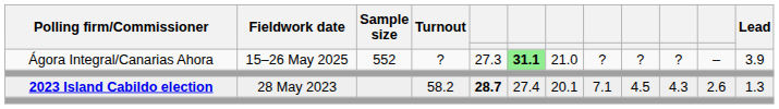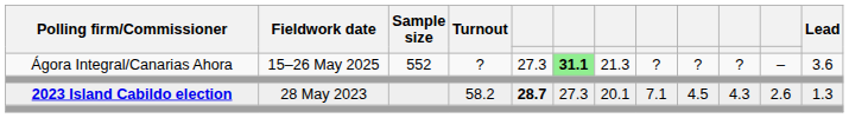 <table class="wikitable collapsible collapsed" style="text-align:center; font-size:95%; line-height:16px;">
 <tr style="height:42px;">
 <th style="width:250px;" rowspan="2">Polling firm/Commissioner</th>
 <th style="width:125px;" rowspan="2">Fieldwork date</th>
 <th style="width:50px;" rowspan="2">Sample size</th>
 <th style="width:45px;" rowspan="2">Turnout</th>
 <th style="width:35px;"></th>
 <th style="width:35px;"></th>
 <th style="width:35px;"></th>
 <th style="width:35px;"></th>
 <th style="width:35px;"></th>
 <th style="width:35px;"></th>
 <th style="width:35px;"></th>
 <th style="width:30px;" rowspan="2">Lead</th>
 </tr>
 <tr>
 <th style="color:inherit;background:"></th>
 <th style="color:inherit;background:"></th>
 <th style="color:inherit;background:"></th>
 <th style="color:inherit;background:"></th>
 <th style="color:inherit;background:"></th>
 <th style="color:inherit;background:"></th>
 <th style="color:inherit;background:"></th>
 </tr>
 <tr>
 <td>Ágora Integral/Canarias Ahora</td>
 <td>15–26 May 2025</td>
 <td>552</td>
 <td>?</td>
 <td>27.3<br></td>
 <td style="background: lightgreen;"><strong>31.1</strong><br></td>
-<td>21.0<br></td>
+<td>21.3<br></td>
 <td>?<br></td>
 <td>?<br></td>
 <td>?<br></td>
 <td>–</td>
-<td style="background:">3.9</td>
+<td style="background:">3.6</td>
 </tr>
 <tr>
 <td colspan="12" style="background:#A0A0A0"></td>
 </tr>
 <tr style="background:#EFEFEF;">
 <td><strong><a href='#'>2023 Island Cabildo election</a></strong></td>
 <td>28 May 2023</td>
 <td></td>
 <td>58.2</td>
 <td><strong>28.7</strong><br></td>
-<td>27.4<br></td>
+<td>27.3<br></td>
 <td>20.1<br></td>
 <td>7.1<br></td>
 <td>4.5<br></td>
 <td>4.3<br></td>
 <td>2.6<br></td>
 <td style="background:">1.3</td>
 </tr>
 <tr>
 <td colspan="12" style="background:#A0A0A0"></td>
 </tr>
 </table>
